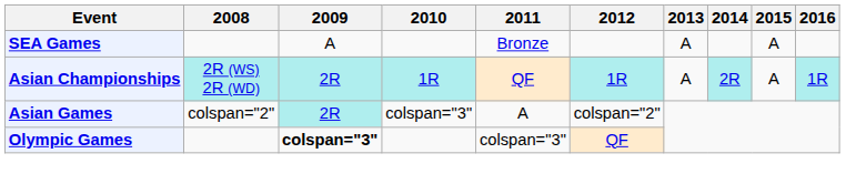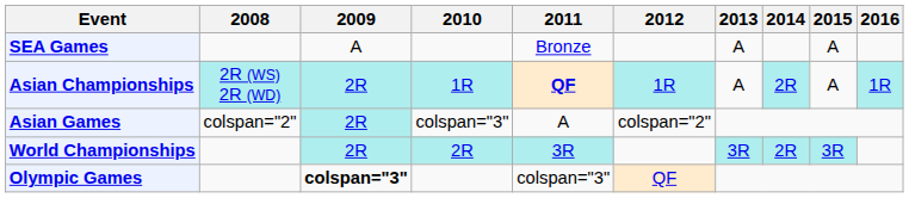 <table class="wikitable" style=text-align:center>
 <tr>
 <th>Event</th>
 <th>2008</th>
 <th>2009</th>
 <th>2010</th>
 <th>2011</th>
 <th>2012</th>
 <th>2013</th>
 <th>2014</th>
 <th>2015</th>
 <th>2016</th>
 </tr>
 <tr>
 <td bgcolor="#ECF2FF"; align="left"><strong><a href='#'>SEA Games</a></strong></td>
 <td></td>
 <td>A</td>
 <td></td>
 <td> <a href='#'>Bronze</a></td>
 <td></td>
 <td>A</td>
 <td></td>
 <td>A</td>
 <td></td>
 </tr>
 <tr>
 <td bgcolor="#ECF2FF"; align="left"><strong><a href='#'>Asian Championships</a></strong></td>
 <td bgcolor=afeeee><a href='#'>2R <small>(WS)</small></a> <br> <a href='#'>2R <small>(WD)</small></a></td>
 <td bgcolor=afeeee><a href='#'>2R</a></td>
 <td bgcolor=afeeee><a href='#'>1R</a></td>
-<td bgcolor=ffebcd><a href='#'>QF</a></td>
+<td bgcolor=ffebcd><strong><a href='#'>QF</a></strong></td>
 <td bgcolor=afeeee><a href='#'>1R</a></td>
 <td>A</td>
 <td bgcolor=afeeee><a href='#'>2R</a></td>
 <td>A</td>
 <td bgcolor=afeeee><a href='#'>1R</a></td>
 </tr>
 <tr>
 <td bgcolor="#ECF2FF"; align="left"><strong><a href='#'>Asian Games</a></strong></td>
 <td>colspan="2" </td>
 <td bgcolor=afeeee><a href='#'>2R</a></td>
 <td>colspan="3" </td>
 <td>A</td>
 <td>colspan="2" </td>
 </tr>
 <tr>
+<td bgcolor="#ECF2FF"; align="left"><strong><a href='#'>World Championships</a></strong></td>
+<td></td>
+<td bgcolor=afeeee><a href='#'>2R</a></td>
+<td bgcolor=afeeee><a href='#'>2R</a></td>
+<td bgcolor=afeeee><a href='#'>3R</a></td>
+<td></td>
+<td bgcolor=afeeee><a href='#'>3R</a></td>
+<td bgcolor=afeeee><a href='#'>2R</a></td>
+<td bgcolor=afeeee><a href='#'>3R</a></td>
+<td></td>
+</tr>
+<tr>
 <td bgcolor="#ECF2FF"; align="left"><strong><a href='#'>Olympic Games</a></strong></td>
 <td></td>
 <td><strong>colspan="3" </strong></td>
 <td></td>
 <td>colspan="3" </td>
 <td bgcolor=ffebcd><a href='#'>QF</a></td>
 </tr>
 </table>
